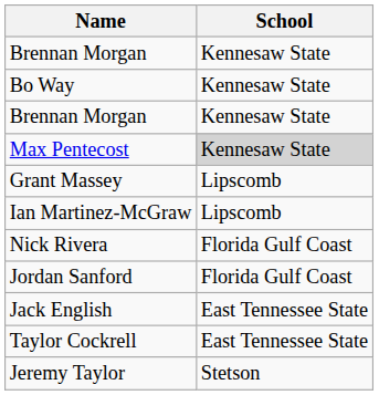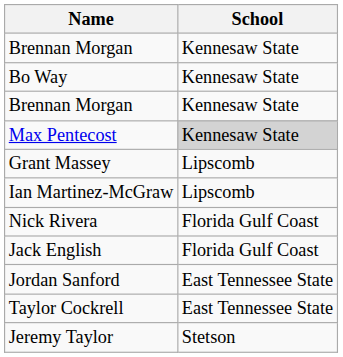 <table class=wikitable>
 <tr>
 <th>Name</th>
 <th>School</th>
 </tr>
 <tr>
 <td>Brennan Morgan</td>
 <td>Kennesaw State</td>
 </tr>
 <tr>
 <td>Bo Way</td>
 <td>Kennesaw State</td>
 </tr>
 <tr>
 <td>Brennan Morgan</td>
 <td>Kennesaw State</td>
 </tr>
 <tr>
 <td><a href='#'>Max Pentecost</a></td>
 <td style="background: lightgrey;">Kennesaw State</td>
 </tr>
 <tr>
 <td>Grant Massey</td>
 <td>Lipscomb</td>
 </tr>
 <tr>
 <td>Ian Martinez-McGraw</td>
 <td>Lipscomb</td>
 </tr>
 <tr>
 <td>Nick Rivera</td>
 <td>Florida Gulf Coast</td>
 </tr>
 <tr>
-<td>Jordan Sanford</td>
+<td>Jack English</td>
 <td>Florida Gulf Coast</td>
 </tr>
 <tr>
-<td>Jack English</td>
+<td>Jordan Sanford</td>
 <td>East Tennessee State</td>
 </tr>
 <tr>
 <td>Taylor Cockrell</td>
 <td>East Tennessee State</td>
 </tr>
 <tr>
 <td>Jeremy Taylor</td>
 <td>Stetson</td>
 </tr>
 </table>
